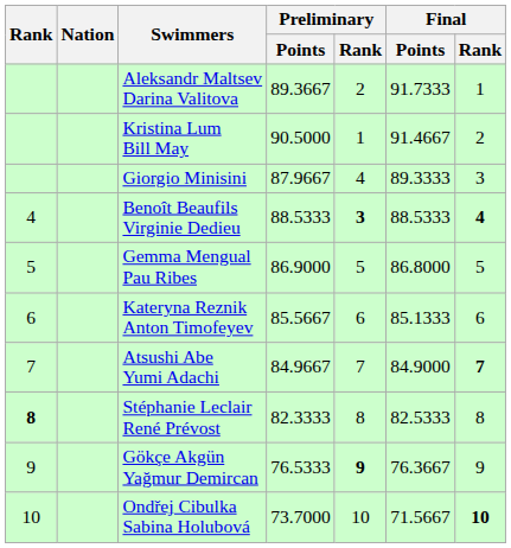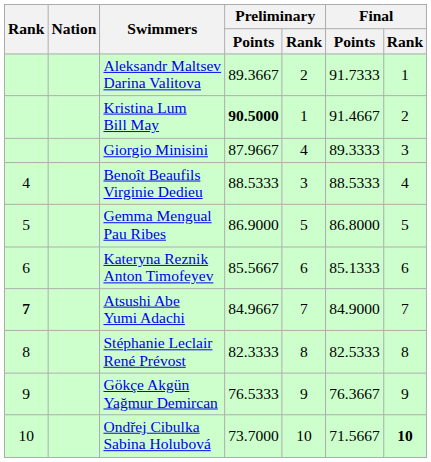 <table class="wikitable sortable" style="text-align:center">
 <tr>
 <th rowspan=2>Rank</th>
 <th rowspan=2>Nation</th>
 <th rowspan=2>Swimmers</th>
 <th colspan=2>Preliminary</th>
 <th colspan=2>Final</th>
 </tr>
 <tr>
 <th>Points</th>
 <th>Rank</th>
 <th>Points</th>
 <th>Rank</th>
 </tr>
 <tr bgcolor=ccffcc>
 <td></td>
 <td align=left></td>
 <td align=left><a href='#'>Aleksandr Maltsev</a><br><a href='#'>Darina Valitova</a></td>
 <td>89.3667</td>
 <td>2</td>
 <td>91.7333</td>
 <td>1</td>
 </tr>
 <tr bgcolor=ccffcc>
 <td></td>
 <td align=left></td>
 <td align=left><a href='#'>Kristina Lum</a><br><a href='#'>Bill May</a></td>
-<td>90.5000</td>
+<td><strong>90.5000</strong></td>
 <td>1</td>
 <td>91.4667</td>
 <td>2</td>
 </tr>
 <tr bgcolor=ccffcc>
 <td></td>
 <td align=left></td>
 <td align=left><a href='#'>Giorgio Minisini</a><br></td>
 <td>87.9667</td>
 <td>4</td>
 <td>89.3333</td>
 <td>3</td>
 </tr>
 <tr bgcolor=ccffcc>
 <td>4</td>
 <td align=left></td>
 <td align=left><a href='#'>Benoît Beaufils</a><br><a href='#'>Virginie Dedieu</a></td>
 <td>88.5333</td>
-<td><strong>3</strong></td>
+<td>3</td>
 <td>88.5333</td>
-<td><strong>4</strong></td>
+<td>4</td>
 </tr>
 <tr bgcolor=ccffcc>
 <td>5</td>
 <td align=left></td>
 <td align=left><a href='#'>Gemma Mengual</a><br><a href='#'>Pau Ribes</a></td>
 <td>86.9000</td>
 <td>5</td>
 <td>86.8000</td>
 <td>5</td>
 </tr>
 <tr bgcolor=ccffcc>
 <td>6</td>
 <td align=left></td>
 <td align=left><a href='#'>Kateryna Reznik</a><br><a href='#'>Anton Timofeyev</a></td>
 <td>85.5667</td>
 <td>6</td>
 <td>85.1333</td>
 <td>6</td>
 </tr>
 <tr bgcolor=ccffcc>
-<td>7</td>
+<td><strong>7</strong></td>
 <td align=left></td>
 <td align=left><a href='#'>Atsushi Abe</a><br><a href='#'>Yumi Adachi</a></td>
 <td>84.9667</td>
 <td>7</td>
 <td>84.9000</td>
-<td><strong>7</strong></td>
+<td>7</td>
 </tr>
 <tr bgcolor=ccffcc>
-<td><strong>8</strong></td>
+<td>8</td>
 <td align=left></td>
 <td align=left><a href='#'>Stéphanie Leclair</a><br><a href='#'>René Prévost</a></td>
 <td>82.3333</td>
 <td>8</td>
 <td>82.5333</td>
 <td>8</td>
 </tr>
 <tr bgcolor=ccffcc>
 <td>9</td>
 <td align=left></td>
 <td align=left><a href='#'>Gökçe Akgün</a><br><a href='#'>Yağmur Demircan</a></td>
 <td>76.5333</td>
-<td><strong>9</strong></td>
+<td>9</td>
 <td>76.3667</td>
 <td>9</td>
 </tr>
 <tr bgcolor=ccffcc>
 <td>10</td>
 <td align=left></td>
 <td align=left><a href='#'>Ondřej Cibulka</a><br><a href='#'>Sabina Holubová</a></td>
 <td>73.7000</td>
 <td>10</td>
 <td>71.5667</td>
 <td><strong>10</strong></td>
 </tr>
 </table>
